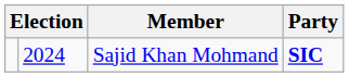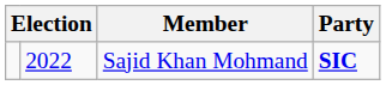 <table class="wikitable">
 <tr>
 <th colspan="2">Election</th>
 <th>Member</th>
 <th>Party</th>
 </tr>
 <tr>
 <td style="background-color: "></td>
-<td><a href='#'>2024</a></td>
+<td><a href='#'>2022</a></td>
 <td><a href='#'>Sajid Khan Mohmand</a></td>
 <td><strong><a href='#'>SIC</a></strong></td>
 </tr>
 </table>
